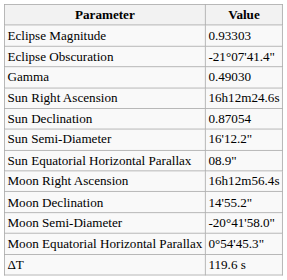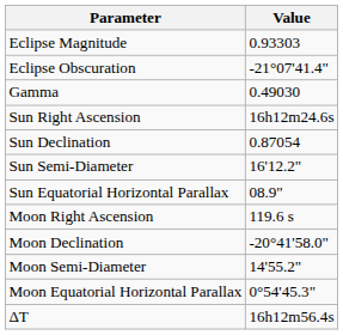 <table class="wikitable">
 <tr>
 <th>Parameter</th>
 <th>Value</th>
 </tr>
 <tr>
 <td>Eclipse Magnitude</td>
 <td>0.93303</td>
 </tr>
 <tr>
 <td>Eclipse Obscuration</td>
 <td>-21°07'41.4"</td>
 </tr>
 <tr>
 <td>Gamma</td>
 <td>0.49030</td>
 </tr>
 <tr>
 <td>Sun Right Ascension</td>
 <td>16h12m24.6s</td>
 </tr>
 <tr>
 <td>Sun Declination</td>
 <td>0.87054</td>
 </tr>
 <tr>
 <td>Sun Semi-Diameter</td>
 <td>16'12.2"</td>
 </tr>
 <tr>
 <td>Sun Equatorial Horizontal Parallax</td>
 <td>08.9"</td>
 </tr>
 <tr>
 <td>Moon Right Ascension</td>
-<td>16h12m56.4s</td>
+<td>119.6 s</td>
 </tr>
 <tr>
 <td>Moon Declination</td>
-<td>14'55.2"</td>
+<td>-20°41'58.0"</td>
 </tr>
 <tr>
 <td>Moon Semi-Diameter</td>
-<td>-20°41'58.0"</td>
+<td>14'55.2"</td>
 </tr>
 <tr>
 <td>Moon Equatorial Horizontal Parallax</td>
 <td>0°54'45.3"</td>
 </tr>
 <tr>
 <td>ΔT</td>
-<td>119.6 s</td>
+<td>16h12m56.4s</td>
 </tr>
 </table>
